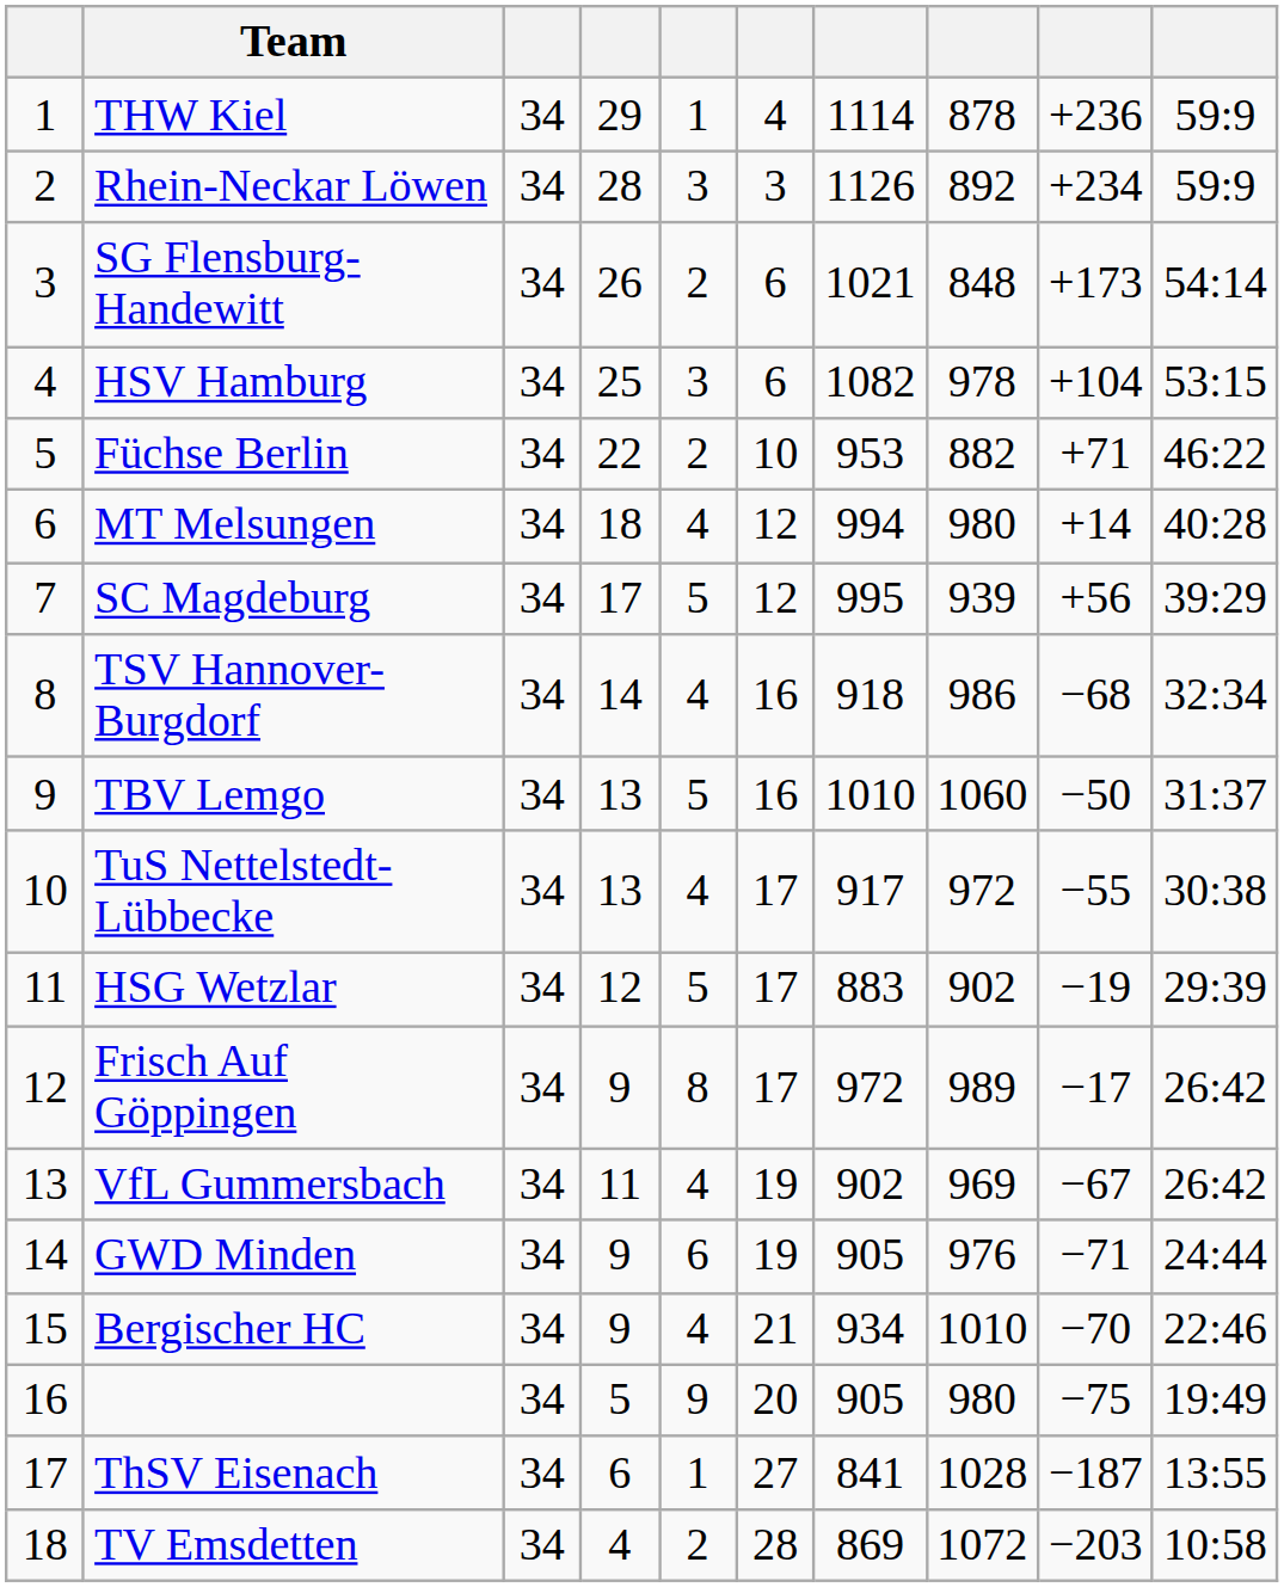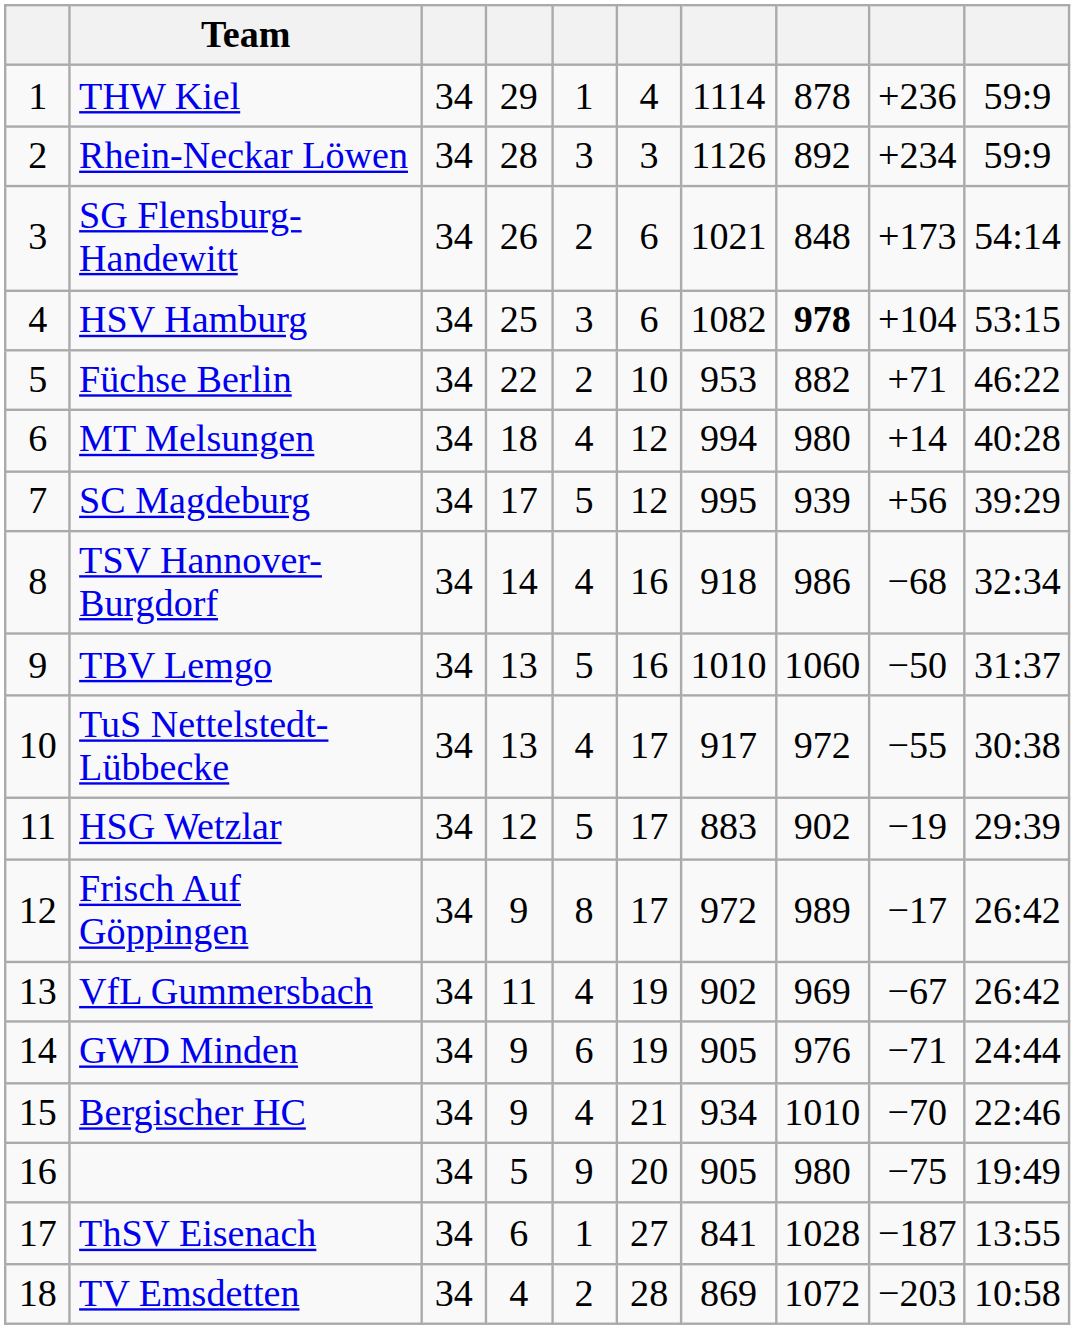 <table class="wikitable sortable" style="text-align: center;">
 <tr>
 <th width="20"></th>
 <th width="140">Team</th>
 <th width="20"></th>
 <th width="20"></th>
 <th width="20"></th>
 <th width="20"></th>
 <th width="20"></th>
 <th width="20"></th>
 <th width="20"></th>
 <th width="20"></th>
 </tr>
 <tr>
 <td>1</td>
 <td align=left><a href='#'>THW Kiel</a></td>
 <td>34</td>
 <td>29</td>
 <td>1</td>
 <td>4</td>
 <td>1114</td>
 <td>878</td>
 <td>+236</td>
 <td>59:9</td>
 </tr>
 <tr>
 <td>2</td>
 <td align=left><a href='#'>Rhein-Neckar Löwen</a></td>
 <td>34</td>
 <td>28</td>
 <td>3</td>
 <td>3</td>
 <td>1126</td>
 <td>892</td>
 <td>+234</td>
 <td>59:9</td>
 </tr>
 <tr>
 <td>3</td>
 <td align=left><a href='#'>SG Flensburg-Handewitt</a></td>
 <td>34</td>
 <td>26</td>
 <td>2</td>
 <td>6</td>
 <td>1021</td>
 <td>848</td>
 <td>+173</td>
 <td>54:14</td>
 </tr>
 <tr>
 <td>4</td>
 <td align=left><a href='#'>HSV Hamburg</a></td>
 <td>34</td>
 <td>25</td>
 <td>3</td>
 <td>6</td>
 <td>1082</td>
-<td>978</td>
+<td><strong>978</strong></td>
 <td>+104</td>
 <td>53:15</td>
 </tr>
 <tr>
 <td>5</td>
 <td align=left><a href='#'>Füchse Berlin</a></td>
 <td>34</td>
 <td>22</td>
 <td>2</td>
 <td>10</td>
 <td>953</td>
 <td>882</td>
 <td>+71</td>
 <td>46:22</td>
 </tr>
 <tr>
 <td>6</td>
 <td align=left><a href='#'>MT Melsungen</a></td>
 <td>34</td>
 <td>18</td>
 <td>4</td>
 <td>12</td>
 <td>994</td>
 <td>980</td>
 <td>+14</td>
 <td>40:28</td>
 </tr>
 <tr>
 <td>7</td>
 <td align=left><a href='#'>SC Magdeburg</a></td>
 <td>34</td>
 <td>17</td>
 <td>5</td>
 <td>12</td>
 <td>995</td>
 <td>939</td>
 <td>+56</td>
 <td>39:29</td>
 </tr>
 <tr>
 <td>8</td>
 <td align=left><a href='#'>TSV Hannover-Burgdorf</a></td>
 <td>34</td>
 <td>14</td>
 <td>4</td>
 <td>16</td>
 <td>918</td>
 <td>986</td>
 <td>−68</td>
 <td>32:34</td>
 </tr>
 <tr>
 <td>9</td>
 <td align=left><a href='#'>TBV Lemgo</a></td>
 <td>34</td>
 <td>13</td>
 <td>5</td>
 <td>16</td>
 <td>1010</td>
 <td>1060</td>
 <td>−50</td>
 <td>31:37</td>
 </tr>
 <tr>
 <td>10</td>
 <td align=left><a href='#'>TuS Nettelstedt-Lübbecke</a></td>
 <td>34</td>
 <td>13</td>
 <td>4</td>
 <td>17</td>
 <td>917</td>
 <td>972</td>
 <td>−55</td>
 <td>30:38</td>
 </tr>
 <tr>
 <td>11</td>
 <td align=left><a href='#'>HSG Wetzlar</a></td>
 <td>34</td>
 <td>12</td>
 <td>5</td>
 <td>17</td>
 <td>883</td>
 <td>902</td>
 <td>−19</td>
 <td>29:39</td>
 </tr>
 <tr>
 <td>12</td>
 <td align=left><a href='#'>Frisch Auf Göppingen</a></td>
 <td>34</td>
 <td>9</td>
 <td>8</td>
 <td>17</td>
 <td>972</td>
 <td>989</td>
 <td>−17</td>
 <td>26:42</td>
 </tr>
 <tr>
 <td>13</td>
 <td align=left><a href='#'>VfL Gummersbach</a></td>
 <td>34</td>
 <td>11</td>
 <td>4</td>
 <td>19</td>
 <td>902</td>
 <td>969</td>
 <td>−67</td>
 <td>26:42</td>
 </tr>
 <tr>
 <td>14</td>
 <td align=left><a href='#'>GWD Minden</a></td>
 <td>34</td>
 <td>9</td>
 <td>6</td>
 <td>19</td>
 <td>905</td>
 <td>976</td>
 <td>−71</td>
 <td>24:44</td>
 </tr>
 <tr>
 <td>15</td>
 <td align=left><a href='#'>Bergischer HC</a></td>
 <td>34</td>
 <td>9</td>
 <td>4</td>
 <td>21</td>
 <td>934</td>
 <td>1010</td>
 <td>−70</td>
 <td>22:46</td>
 </tr>
 <tr>
 <td>16</td>
 <td align=left></td>
 <td>34</td>
 <td>5</td>
 <td>9</td>
 <td>20</td>
 <td>905</td>
 <td>980</td>
 <td>−75</td>
 <td>19:49</td>
 </tr>
 <tr>
 <td>17</td>
 <td align=left><a href='#'>ThSV Eisenach</a></td>
 <td>34</td>
 <td>6</td>
 <td>1</td>
 <td>27</td>
 <td>841</td>
 <td>1028</td>
 <td>−187</td>
 <td>13:55</td>
 </tr>
 <tr>
 <td>18</td>
 <td align=left><a href='#'>TV Emsdetten</a></td>
 <td>34</td>
 <td>4</td>
 <td>2</td>
 <td>28</td>
 <td>869</td>
 <td>1072</td>
 <td>−203</td>
 <td>10:58</td>
 </tr>
 </table>
